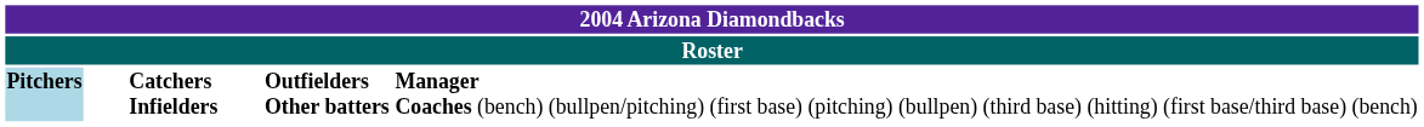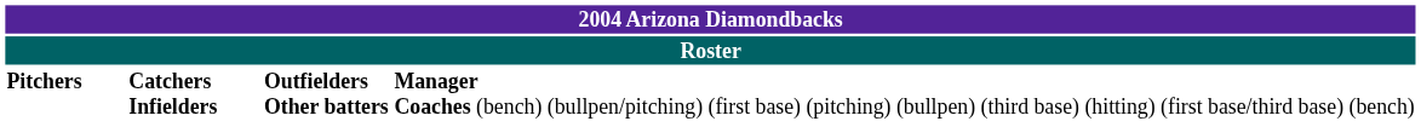 <table class="toccolours" style="font-size: 95%;">
 <tr>
 <th colspan="10" style="background-color: #522398; color: #FFFFFF; text-align: center;">2004 Arizona Diamondbacks</th>
 </tr>
 <tr>
 <td colspan="10" style="background-color: #006265; color: #FFFFFF; text-align: center;"><strong>Roster</strong></td>
 </tr>
 <tr>
-<td valign="top" style="background: lightblue;"><strong>Pitchers</strong><br>                        </td>
+<td valign="top"><strong>Pitchers</strong><br>                        </td>
 <td width="25px"></td>
 <td valign="top"><strong>Catchers</strong><br>      <strong>Infielders</strong>            </td>
 <td width="25px"></td>
 <td valign="top"><strong>Outfielders</strong><br>        <strong>Other batters</strong> </td>
 <td valign="top"><strong>Manager</strong><br>  <strong>Coaches</strong>  (bench)  (bullpen/pitching)  (first base)  (pitching)  (bullpen)  (third base)  (hitting)  (first base/third base)  (bench)</td>
 </tr>
 <tr>
 </tr>
 </table>
